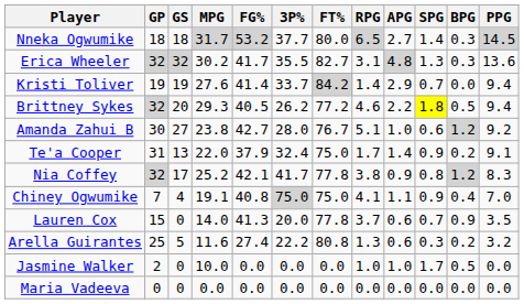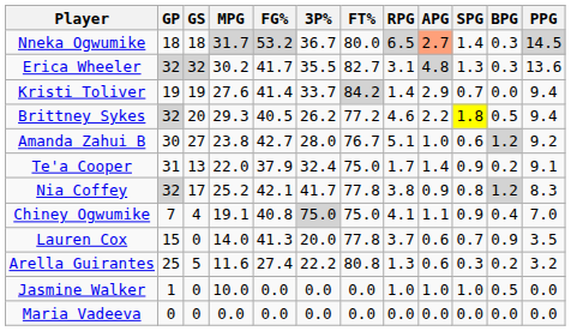 <table class="wikitable sortable" style="text-align:center;">
 <tr>
 <th>Player</th>
 <th>GP</th>
 <th>GS</th>
 <th>MPG</th>
 <th>FG%</th>
 <th>3P%</th>
 <th>FT%</th>
 <th>RPG</th>
 <th>APG</th>
 <th>SPG</th>
 <th>BPG</th>
 <th>PPG</th>
 </tr>
 <tr>
 <td><a href='#'>Nneka Ogwumike</a></td>
 <td>18</td>
 <td>18</td>
 <td style="background:#D3D3D3;">31.7</td>
 <td style="background:#D3D3D3;">53.2</td>
-<td>37.7</td>
+<td>36.7</td>
 <td>80.0</td>
 <td style="background:#D3D3D3;">6.5</td>
-<td>2.7</td>
+<td style="background: lightsalmon;">2.7</td>
 <td>1.4</td>
 <td>0.3</td>
 <td style="background:#D3D3D3;">14.5</td>
 </tr>
 <tr>
 <td><a href='#'>Erica Wheeler</a></td>
 <td style="background:#D3D3D3;">32</td>
 <td style="background:#D3D3D3;">32</td>
 <td>30.2</td>
 <td>41.7</td>
 <td>35.5</td>
 <td>82.7</td>
 <td>3.1</td>
 <td style="background:#D3D3D3;">4.8</td>
 <td>1.3</td>
 <td>0.3</td>
 <td>13.6</td>
 </tr>
 <tr>
 <td><a href='#'>Kristi Toliver</a></td>
 <td>19</td>
 <td>19</td>
 <td>27.6</td>
 <td>41.4</td>
 <td>33.7</td>
 <td style="background:#D3D3D3;">84.2</td>
 <td>1.4</td>
 <td>2.9</td>
 <td>0.7</td>
 <td>0.0</td>
 <td>9.4</td>
 </tr>
 <tr>
 <td><a href='#'>Brittney Sykes</a></td>
 <td style="background:#D3D3D3;">32</td>
 <td>20</td>
 <td>29.3</td>
 <td>40.5</td>
 <td>26.2</td>
 <td>77.2</td>
 <td>4.6</td>
 <td>2.2</td>
 <td style="background:yellow;">1.8</td>
 <td>0.5</td>
 <td>9.4</td>
 </tr>
 <tr>
 <td><a href='#'>Amanda Zahui B</a></td>
 <td>30</td>
 <td>27</td>
 <td>23.8</td>
 <td>42.7</td>
 <td>28.0</td>
 <td>76.7</td>
 <td>5.1</td>
 <td>1.0</td>
 <td>0.6</td>
 <td style="background:#D3D3D3;">1.2</td>
 <td>9.2</td>
 </tr>
 <tr>
 <td><a href='#'>Te'a Cooper</a></td>
 <td>31</td>
 <td>13</td>
 <td>22.0</td>
 <td>37.9</td>
 <td>32.4</td>
 <td>75.0</td>
 <td>1.7</td>
 <td>1.4</td>
 <td>0.9</td>
 <td>0.2</td>
 <td>9.1</td>
 </tr>
 <tr>
 <td><a href='#'>Nia Coffey</a></td>
 <td style="background:#D3D3D3;">32</td>
 <td>17</td>
 <td>25.2</td>
 <td>42.1</td>
 <td>41.7</td>
 <td>77.8</td>
 <td>3.8</td>
 <td>0.9</td>
 <td>0.8</td>
 <td style="background:#D3D3D3;">1.2</td>
 <td>8.3</td>
 </tr>
 <tr>
 <td><a href='#'>Chiney Ogwumike</a></td>
 <td>7</td>
 <td>4</td>
 <td>19.1</td>
 <td>40.8</td>
 <td style="background:#D3D3D3;">75.0</td>
 <td>75.0</td>
 <td>4.1</td>
 <td>1.1</td>
 <td>0.9</td>
 <td>0.4</td>
 <td>7.0</td>
 </tr>
 <tr>
 <td><a href='#'>Lauren Cox</a></td>
 <td>15</td>
 <td>0</td>
 <td>14.0</td>
 <td>41.3</td>
 <td>20.0</td>
 <td>77.8</td>
 <td>3.7</td>
 <td>0.6</td>
 <td>0.7</td>
 <td>0.9</td>
 <td>3.5</td>
 </tr>
 <tr>
 <td><a href='#'>Arella Guirantes</a></td>
 <td>25</td>
 <td>5</td>
 <td>11.6</td>
 <td>27.4</td>
 <td>22.2</td>
 <td>80.8</td>
 <td>1.3</td>
 <td>0.6</td>
 <td>0.3</td>
 <td>0.2</td>
 <td>3.2</td>
 </tr>
 <tr>
 <td><a href='#'>Jasmine Walker</a></td>
-<td>2</td>
+<td>1</td>
 <td>0</td>
 <td>10.0</td>
 <td>0.0</td>
 <td>0.0</td>
 <td>0.0</td>
 <td>1.0</td>
 <td>1.0</td>
-<td>1.7</td>
+<td>1.0</td>
 <td>0.5</td>
 <td>0.0</td>
 </tr>
 <tr>
 <td><a href='#'>Maria Vadeeva</a></td>
 <td>0</td>
 <td>0</td>
 <td>0.0</td>
 <td>0.0</td>
 <td>0.0</td>
 <td>0.0</td>
 <td>0.0</td>
 <td>0.0</td>
 <td>0.0</td>
 <td>0.0</td>
 <td>0.0</td>
 </tr>
 </table>
